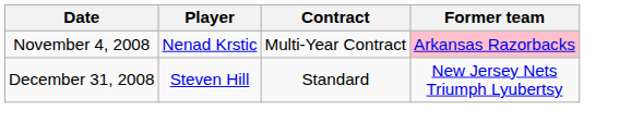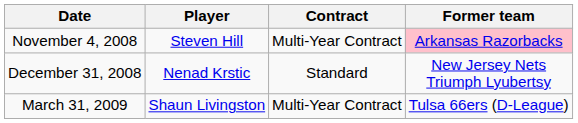 <table class="wikitable sortable sortable" style="text-align: center">
 <tr>
 <th>Date</th>
 <th>Player</th>
 <th>Contract</th>
 <th>Former team</th>
 </tr>
 <tr style="text-align: center">
 <td>November 4, 2008</td>
-<td><a href='#'>Nenad Krstic</a></td>
+<td><a href='#'>Steven Hill</a></td>
 <td>Multi-Year Contract</td>
 <td style="background: pink;"><a href='#'>Arkansas Razorbacks</a></td>
 </tr>
 <tr style="text-align: center">
 <td>December 31, 2008</td>
-<td><a href='#'>Steven Hill</a></td>
+<td><a href='#'>Nenad Krstic</a></td>
 <td>Standard</td>
 <td><a href='#'>New Jersey Nets</a><br><a href='#'>Triumph Lyubertsy</a></td>
 </tr>
+<tr style="text-align: center">
+<td>March 31, 2009</td>
+<td><a href='#'>Shaun Livingston</a></td>
+<td>Multi-Year Contract</td>
+<td><a href='#'>Tulsa 66ers</a> (<a href='#'>D-League</a>)</td>
+</tr>
 </table>
